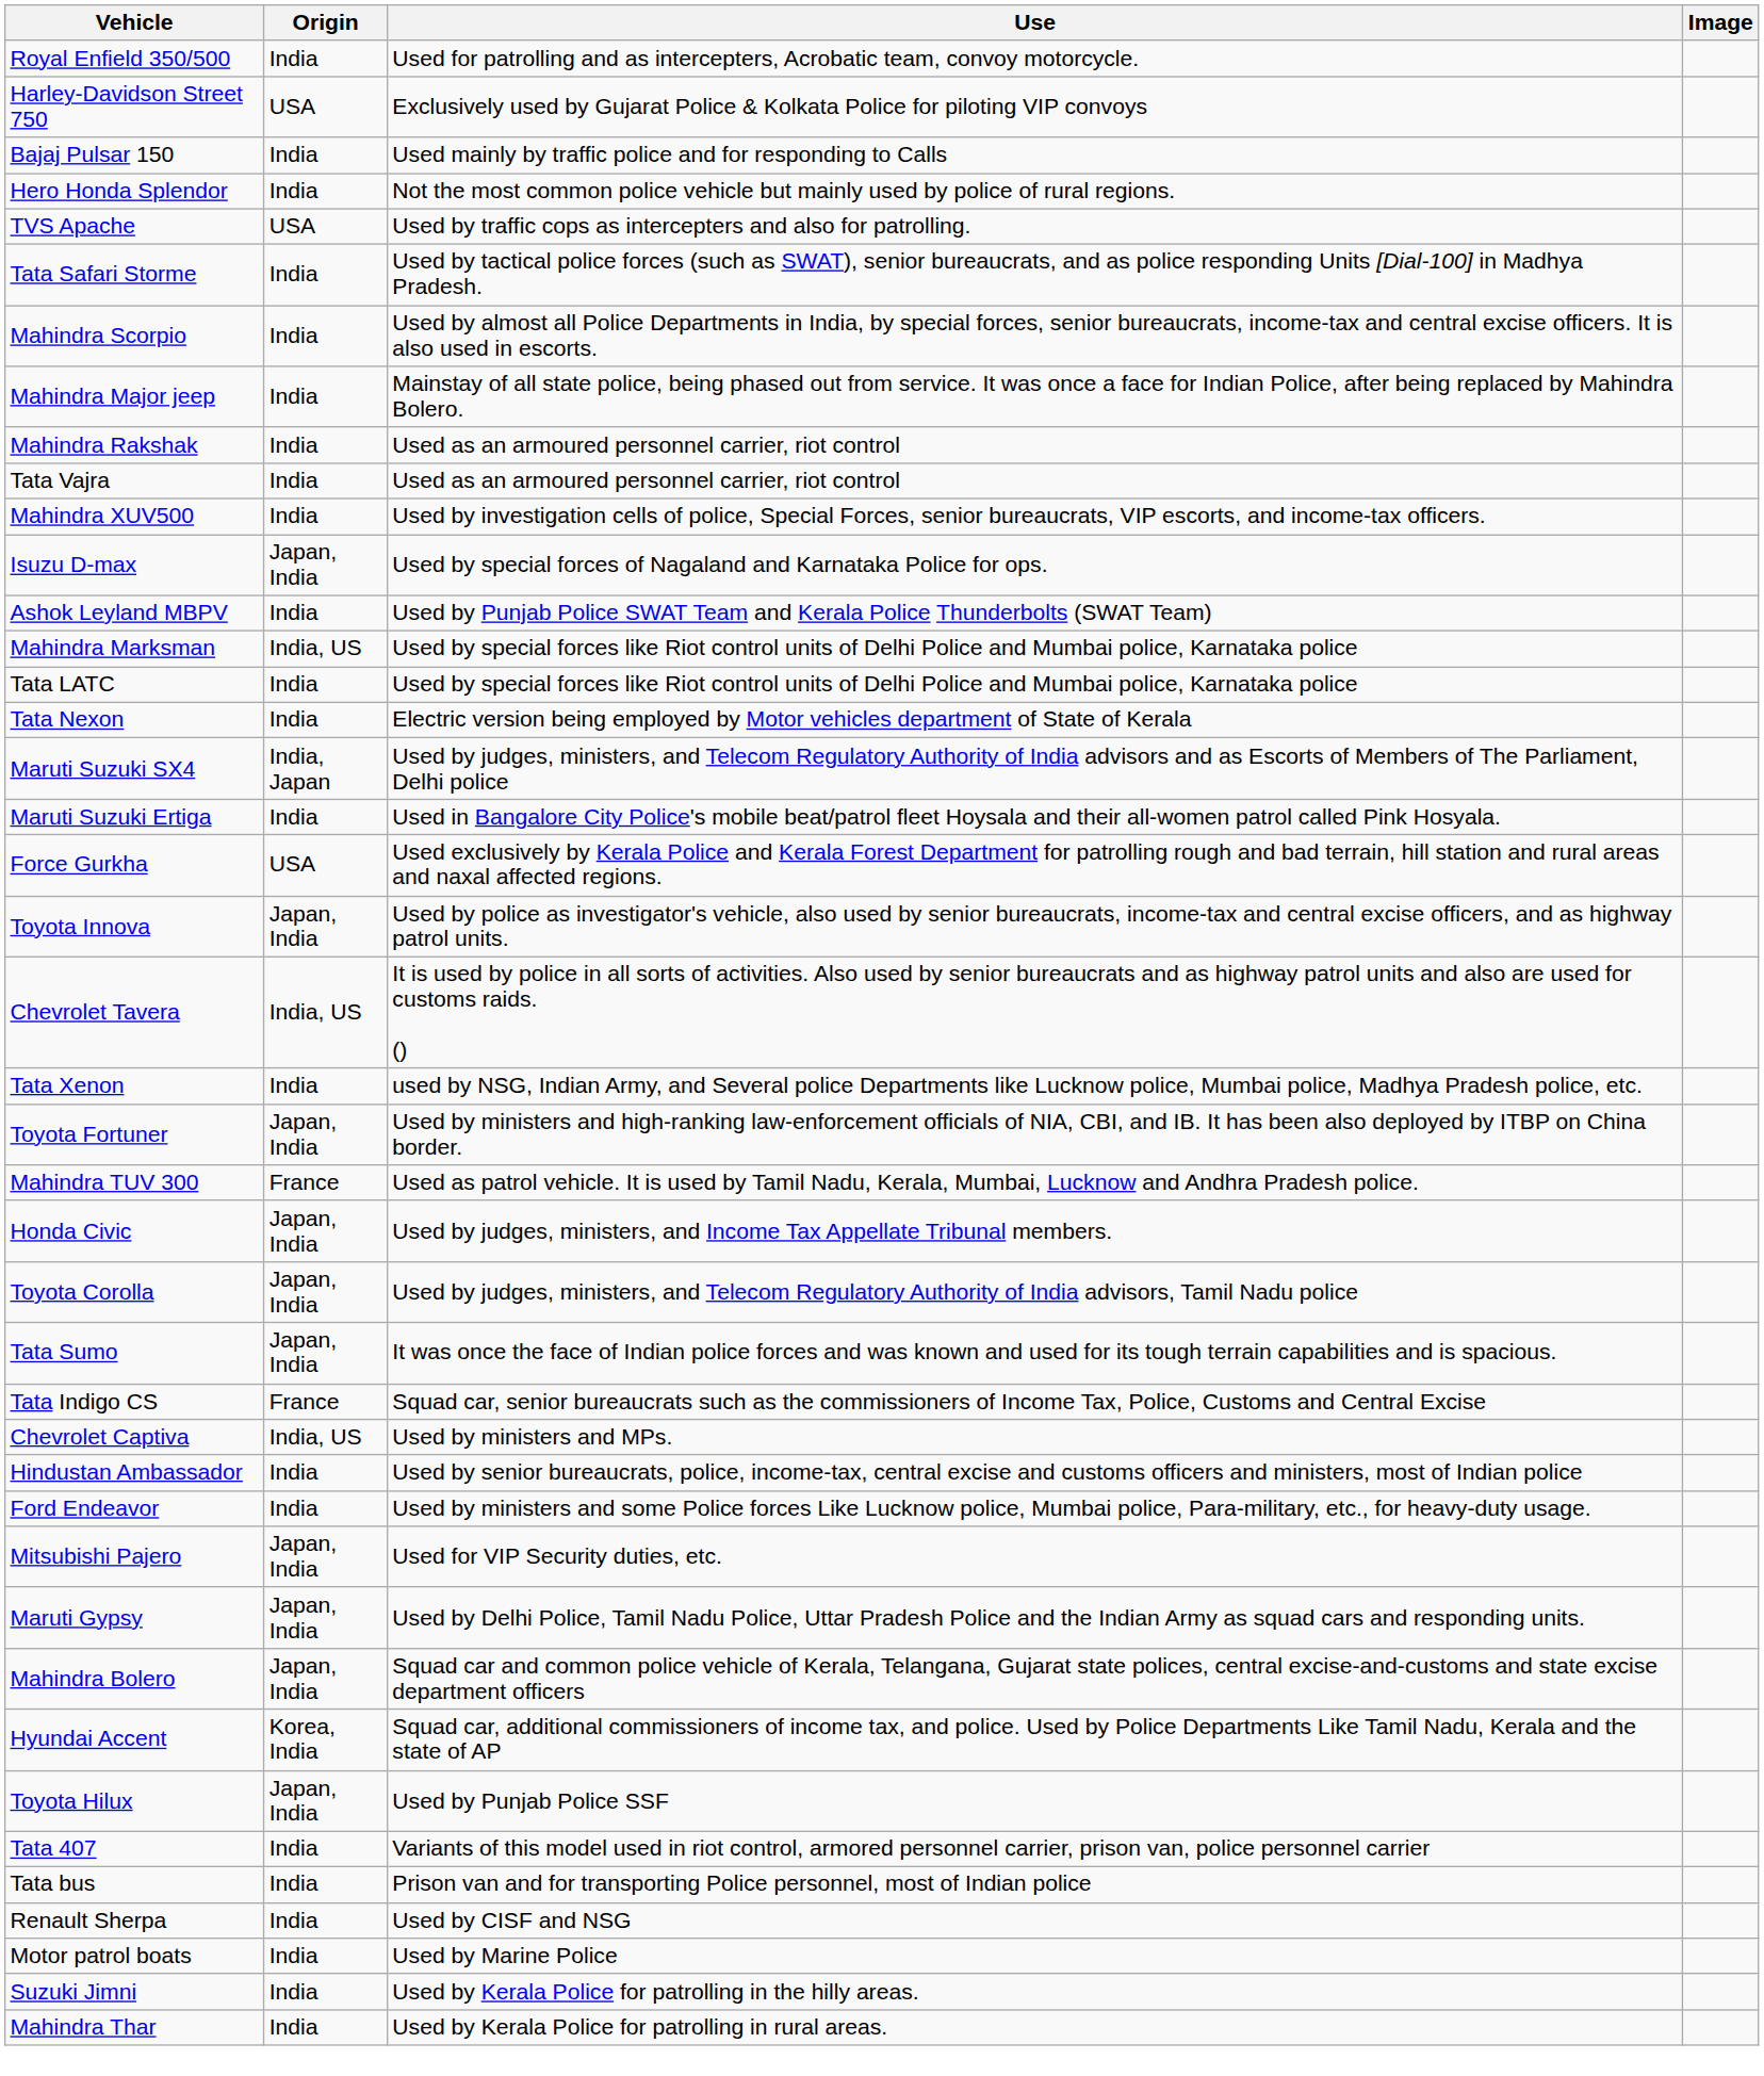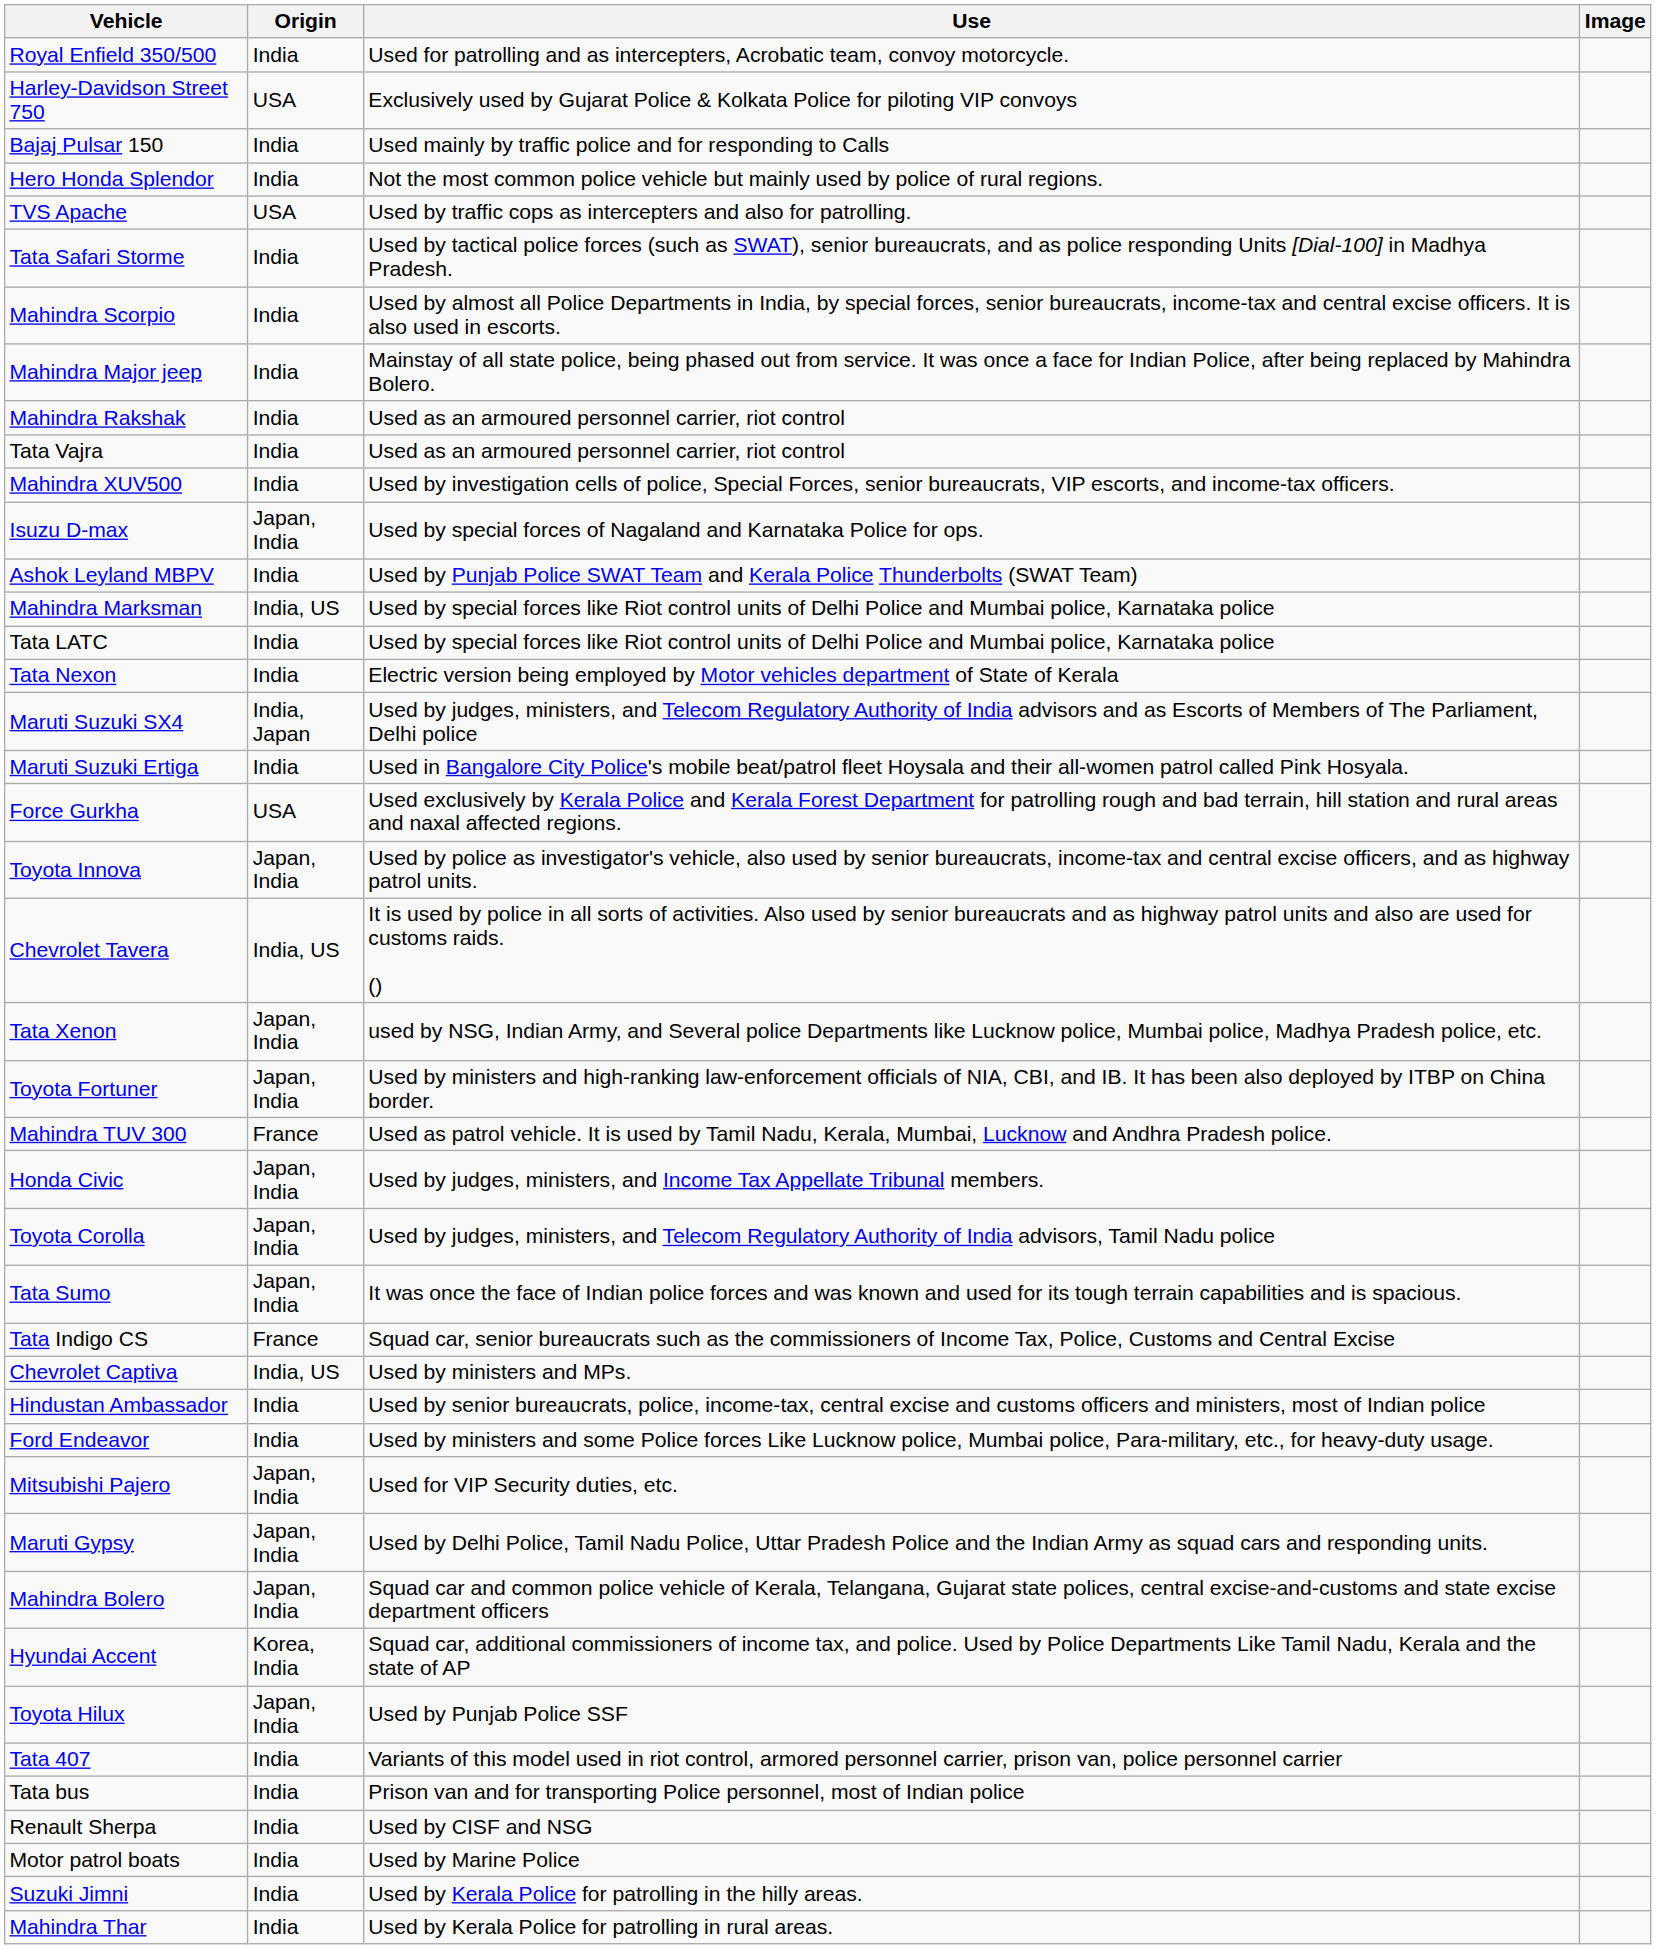 <table class="wikitable">
 <tr>
 <th>Vehicle</th>
 <th>Origin</th>
 <th>Use</th>
 <th>Image</th>
 </tr>
 <tr>
 <td><a href='#'>Royal Enfield 350/500</a></td>
 <td>India</td>
 <td>Used for patrolling and as intercepters, Acrobatic team, convoy motorcycle.</td>
 <td></td>
 </tr>
 <tr>
 <td><a href='#'>Harley-Davidson Street 750</a></td>
 <td>USA</td>
 <td>Exclusively used by Gujarat Police & Kolkata Police for piloting VIP convoys</td>
 <td></td>
 </tr>
 <tr>
 <td><a href='#'>Bajaj Pulsar</a> 150</td>
 <td>India</td>
 <td>Used mainly by traffic police and for responding to Calls</td>
 <td></td>
 </tr>
 <tr>
 <td><a href='#'>Hero Honda Splendor</a></td>
 <td>India</td>
 <td>Not the most common police vehicle but mainly used by police of rural regions.</td>
 <td></td>
 </tr>
 <tr>
 <td><a href='#'>TVS Apache</a></td>
 <td>USA</td>
 <td>Used by traffic cops as intercepters and also for patrolling.</td>
 <td></td>
 </tr>
 <tr>
 <td><a href='#'>Tata Safari Storme</a></td>
 <td>India</td>
 <td>Used by tactical police forces (such as <a href='#'>SWAT</a>), senior bureaucrats, and as police responding Units <em>[Dial-100]</em> in Madhya Pradesh.</td>
 <td></td>
 </tr>
 <tr>
 <td><a href='#'>Mahindra Scorpio</a></td>
 <td>India</td>
 <td>Used by almost all Police Departments in India, by special forces, senior bureaucrats, income-tax and central excise officers. It is also used in escorts.</td>
 <td></td>
 </tr>
 <tr>
 <td><a href='#'>Mahindra Major jeep</a></td>
 <td>India</td>
 <td>Mainstay of all state police, being phased out from service. It was once a face for Indian Police, after being replaced by Mahindra Bolero.</td>
 <td></td>
 </tr>
 <tr>
 <td><a href='#'>Mahindra Rakshak</a></td>
 <td>India</td>
 <td>Used as an armoured personnel carrier, riot control</td>
 <td></td>
 </tr>
 <tr>
 <td>Tata Vajra</td>
 <td>India</td>
 <td>Used as an armoured personnel carrier, riot control</td>
 <td></td>
 </tr>
 <tr>
 <td><a href='#'>Mahindra XUV500</a></td>
 <td>India</td>
 <td>Used by investigation cells of police, Special Forces, senior bureaucrats, VIP escorts, and income-tax officers.</td>
 <td></td>
 </tr>
 <tr>
 <td><a href='#'>Isuzu D-max</a></td>
 <td>Japan, India</td>
 <td>Used by special forces of Nagaland and Karnataka Police for ops.</td>
 <td></td>
 </tr>
 <tr |>
 <td><a href='#'>Ashok Leyland MBPV</a></td>
 <td>India</td>
 <td>Used by <a href='#'>Punjab Police SWAT Team</a> and <a href='#'>Kerala Police</a> <a href='#'>Thunderbolts</a> (SWAT Team)</td>
 <td></td>
 </tr>
 <tr>
 <td><a href='#'>Mahindra Marksman</a></td>
 <td>India, US</td>
 <td>Used by special forces like Riot control units of Delhi Police and Mumbai police, Karnataka police<br></td>
 <td></td>
 </tr>
 <tr>
 <td>Tata LATC</td>
 <td>India</td>
 <td>Used by special forces like Riot control units of Delhi Police and Mumbai police, Karnataka police<br></td>
 <td></td>
 </tr>
 <tr>
 <td><a href='#'>Tata Nexon</a></td>
 <td>India</td>
 <td>Electric version being employed by <a href='#'>Motor vehicles department</a> of State of Kerala</td>
 <td></td>
 </tr>
 <tr>
 <td><a href='#'>Maruti Suzuki SX4</a></td>
 <td>India, Japan</td>
 <td>Used by judges, ministers, and <a href='#'>Telecom Regulatory Authority of India</a> advisors and as Escorts of Members of The Parliament, Delhi police</td>
 <td></td>
 </tr>
 <tr>
 <td><a href='#'>Maruti Suzuki Ertiga</a></td>
 <td>India</td>
 <td>Used in <a href='#'>Bangalore City Police</a>'s mobile beat/patrol fleet Hoysala and their all-women patrol called Pink Hosyala.</td>
 <td></td>
 </tr>
 <tr>
 <td><a href='#'>Force Gurkha</a></td>
 <td>USA</td>
 <td>Used exclusively by <a href='#'>Kerala Police</a> and <a href='#'>Kerala Forest Department</a> for patrolling rough and bad terrain, hill station and rural areas and naxal affected regions.</td>
 <td></td>
 </tr>
 <tr>
 <td><a href='#'>Toyota Innova</a></td>
 <td>Japan, India</td>
 <td>Used by police as investigator's vehicle, also used by senior bureaucrats, income-tax and central excise officers, and as highway patrol units.</td>
 <td></td>
 </tr>
 <tr>
 <td><a href='#'>Chevrolet Tavera</a></td>
 <td>India, US</td>
 <td>It is used by police in all sorts of activities. Also used by senior bureaucrats and as highway patrol units and also are used for customs raids.<br><br> ()</td>
 <td></td>
 </tr>
 <tr>
 <td><a href='#'>Tata Xenon</a></td>
-<td>India</td>
+<td>Japan, India</td>
 <td>used by NSG, Indian Army, and Several police Departments like Lucknow police, Mumbai police, Madhya Pradesh police, etc.</td>
 <td></td>
 </tr>
 <tr>
 <td><a href='#'>Toyota Fortuner</a></td>
 <td>Japan, India</td>
 <td>Used by ministers and high-ranking law-enforcement officials of NIA, CBI, and IB. It has been also deployed by ITBP on China border.</td>
 <td></td>
 </tr>
 <tr>
 <td><a href='#'>Mahindra TUV 300</a></td>
 <td>France</td>
 <td>Used as patrol vehicle. It is used by Tamil Nadu, Kerala, Mumbai, <a href='#'>Lucknow</a> and Andhra Pradesh police.</td>
 <td></td>
 </tr>
 <tr>
 <td><a href='#'>Honda Civic</a></td>
 <td>Japan, India</td>
 <td>Used by judges, ministers, and <a href='#'>Income Tax Appellate Tribunal</a> members.</td>
 <td></td>
 </tr>
 <tr>
 <td><a href='#'>Toyota Corolla</a></td>
 <td>Japan, India</td>
 <td>Used by judges, ministers, and <a href='#'>Telecom Regulatory Authority of India</a> advisors, Tamil Nadu police</td>
 <td></td>
 </tr>
 <tr>
 <td><a href='#'>Tata Sumo</a></td>
 <td>Japan, India</td>
 <td>It was once the face of Indian police forces and was known and used for its tough terrain capabilities and is spacious.</td>
 <td></td>
 </tr>
 <tr>
 <td><a href='#'>Tata</a> Indigo CS</td>
 <td>France</td>
 <td>Squad car, senior bureaucrats such as the commissioners of Income Tax, Police, Customs and Central Excise</td>
 <td></td>
 </tr>
 <tr>
 <td><a href='#'>Chevrolet Captiva</a></td>
 <td>India, US</td>
 <td>Used by ministers and MPs.</td>
 <td></td>
 </tr>
 <tr>
 <td><a href='#'>Hindustan Ambassador</a></td>
 <td>India</td>
 <td>Used by senior bureaucrats, police, income-tax, central excise and customs officers and ministers, most of Indian police</td>
 <td></td>
 </tr>
 <tr>
 <td><a href='#'>Ford Endeavor</a></td>
 <td>India</td>
 <td>Used by ministers and some Police forces Like Lucknow police, Mumbai police, Para-military, etc., for heavy-duty usage.</td>
 <td></td>
 </tr>
 <tr>
 <td><a href='#'>Mitsubishi Pajero</a></td>
 <td>Japan, India</td>
 <td>Used for VIP Security duties, etc.</td>
 <td></td>
 </tr>
 <tr>
 <td><a href='#'>Maruti Gypsy</a></td>
 <td>Japan, India</td>
 <td>Used by Delhi Police, Tamil Nadu Police, Uttar Pradesh Police and the Indian Army as squad cars and responding units.</td>
 <td></td>
 </tr>
 <tr>
 <td><a href='#'>Mahindra Bolero</a></td>
 <td>Japan, India</td>
 <td>Squad car and common police vehicle of Kerala, Telangana, Gujarat state polices, central excise-and-customs and state excise department officers</td>
 <td></td>
 </tr>
 <tr>
 <td><a href='#'>Hyundai Accent</a></td>
 <td>Korea, India</td>
 <td>Squad car, additional commissioners of income tax, and police. Used by Police Departments Like Tamil Nadu, Kerala and the state of AP</td>
 <td></td>
 </tr>
 <tr>
 <td><a href='#'>Toyota Hilux</a></td>
 <td>Japan, India</td>
 <td>Used by Punjab Police SSF</td>
 </tr>
 <tr>
 <td><a href='#'>Tata 407</a></td>
 <td>India</td>
 <td>Variants of this model used in riot control, armored personnel carrier, prison van, police personnel carrier</td>
 <td></td>
 </tr>
 <tr>
 <td>Tata bus</td>
 <td>India</td>
 <td>Prison van and for transporting Police personnel, most of Indian police</td>
 <td></td>
 </tr>
 <tr>
 <td>Renault Sherpa</td>
 <td>India</td>
 <td>Used by CISF and NSG</td>
 <td></td>
 </tr>
 <tr>
 <td>Motor patrol boats</td>
 <td>India</td>
 <td>Used by Marine Police</td>
 <td></td>
 </tr>
 <tr>
 <td><a href='#'>Suzuki Jimni</a></td>
 <td>India</td>
 <td>Used by <a href='#'>Kerala Police</a> for patrolling in the hilly areas.</td>
 <td></td>
 </tr>
 <tr>
 <td><a href='#'>Mahindra Thar</a></td>
 <td>India</td>
 <td>Used by Kerala Police for patrolling in rural areas.</td>
 <td></td>
 </tr>
 </table>
